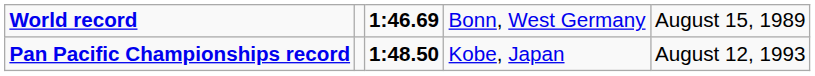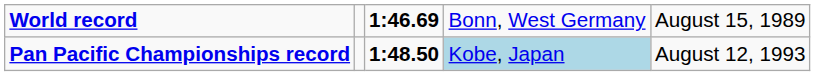 <table class="wikitable">
 <tr>
 <td><strong><a href='#'>World record</a></strong></td>
 <td></td>
 <td><strong>1:46.69</strong></td>
 <td><a href='#'>Bonn</a>, <a href='#'>West Germany</a></td>
 <td>August 15, 1989</td>
 </tr>
 <tr>
 <td><strong><a href='#'>Pan Pacific Championships record</a></strong></td>
 <td></td>
 <td><strong>1:48.50</strong></td>
-<td><a href='#'>Kobe</a>, <a href='#'>Japan</a></td>
+<td style="background: lightblue;"><a href='#'>Kobe</a>, <a href='#'>Japan</a></td>
 <td>August 12, 1993</td>
 </tr>
 </table>
